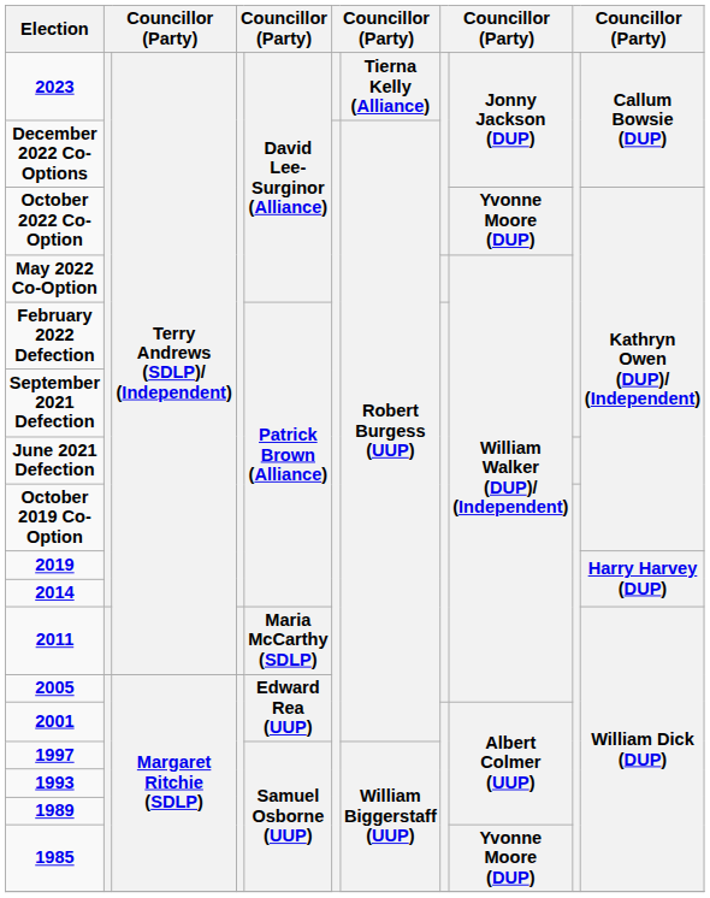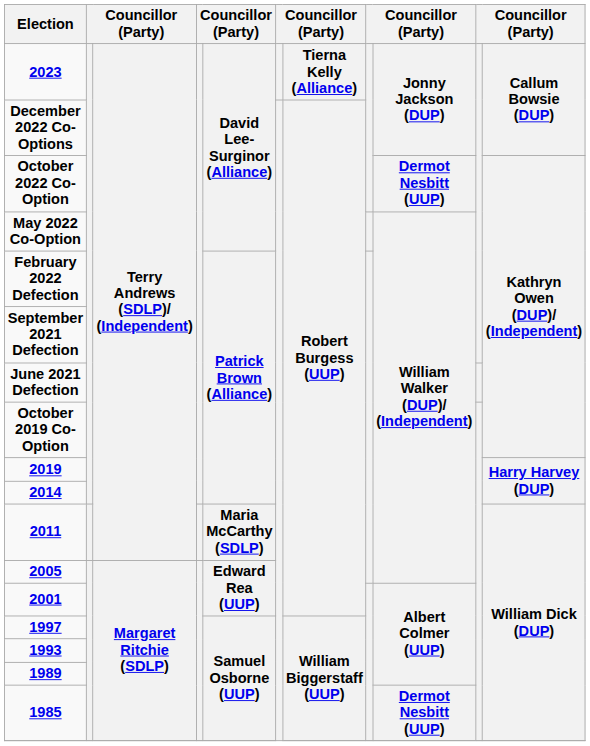 <table class="wikitable" style="text-align:center">
 <tr>
 <th scope="col" width="50">Election</th>
 <th scope="col" width="150" colspan = "2">Councillor<br> (Party)</th>
 <th scope="col" width="150" colspan = "2">Councillor<br> (Party)</th>
 <th scope="col" width="150" colspan = "2">Councillor<br> (Party)</th>
 <th scope="col" width="150" colspan = "2">Councillor<br> (Party)</th>
 <th scope="col" width="150" colspan = "2">Councillor<br> (Party)</th>
 </tr>
 <tr>
 <td><strong><a href='#'>2023</a></strong></td>
 <th rowspan="10" width="1" style="background-color: "></th>
 <th rowspan = "11">Terry Andrews <br> (<a href='#'>SDLP</a>)/ (<a href='#'>Independent</a>)</th>
 <th rowspan="10" width="1" style="background-color: "></th>
 <th rowspan = "4">David Lee-Surginor <br> (<a href='#'>Alliance</a>)</th>
 <th rowspan="1" width="1" style="background-color: "></th>
 <th rowspan = "1">Tierna Kelly <br> (<a href='#'>Alliance</a>)</th>
 <th rowspan="3" width="1" style="background-color: "></th>
 <th rowspan = "2">Jonny Jackson <br> (<a href='#'>DUP</a>)</th>
 <th rowspan="6" width="1" style="background-color: "></th>
 <th rowspan = "2">Callum Bowsie <br> (<a href='#'>DUP</a>)</th>
 </tr>
 <tr>
 <td><strong>December 2022 Co-Options</strong></td>
 <th rowspan="17" width="1" style="background-color: "></th>
 <th rowspan = "12">Robert Burgess <br> (<a href='#'>UUP</a>)</th>
 </tr>
 <tr>
 <td><strong>October 2022 Co-Option</strong></td>
-<th rowspan = "1">Yvonne Moore <br> (<a href='#'>DUP</a>)</th>
+<th rowspan = "1"><a href='#'>Dermot Nesbitt</a> <br> (<a href='#'>UUP</a>)</th>
 <th rowspan = "6">Kathryn Owen <br> (<a href='#'>DUP</a>)/ (<a href='#'>Independent</a>)</th>
 </tr>
 <tr>
 <td><strong>May 2022 Co-Option</strong></td>
 <th rowspan="1" width="1" style="background-color: "></th>
 <th rowspan = "9">William Walker <br> (<a href='#'>DUP</a>)/ (<a href='#'>Independent</a>)</th>
 </tr>
 <tr>
 <td><strong>February 2022 Defection</strong></td>
 <th rowspan = "6"><a href='#'>Patrick Brown</a> <br> (<a href='#'>Alliance</a>)</th>
 <th rowspan="8" width="1" style="background-color: "></th>
 </tr>
 <tr>
 <td><strong>September 2021 Defection</strong></td>
 </tr>
 <tr>
 <td><strong>June 2021 Defection</strong></td>
 <th rowspan="1" width="1" style="background-color: "></th>
 </tr>
 <tr>
 <td><strong>October 2019 Co-Option</strong></td>
 <th rowspan="10" width="1" style="background-color: "></th>
 </tr>
 <tr>
 <td><strong><a href='#'>2019</a></strong></td>
 <th rowspan = "2"><a href='#'>Harry Harvey</a> <br> (<a href='#'>DUP</a>)</th>
 </tr>
 <tr>
 <td><strong><a href='#'>2014</a></strong></td>
 </tr>
 <tr>
 <td><strong><a href='#'>2011</a></strong></td>
 <th rowspan="1" width="1" style="background-color: "></th>
 <th rowspan="1" width="1" style="background-color: "></th>
 <th rowspan = "1">Maria McCarthy <br> (<a href='#'>SDLP</a>)</th>
 <th rowspan = "7">William Dick <br> (<a href='#'>DUP</a>)</th>
 </tr>
 <tr>
 <td><strong><a href='#'>2005</a></strong></td>
 <th rowspan="6" width="1" style="background-color: "></th>
 <th rowspan = "6"><a href='#'>Margaret Ritchie</a> <br> (<a href='#'>SDLP</a>)</th>
 <th rowspan="6" width="1" style="background-color: "></th>
 <th rowspan = "2">Edward Rea <br> (<a href='#'>UUP</a>)</th>
 </tr>
 <tr>
 <td><strong><a href='#'>2001</a></strong></td>
 <th rowspan="5" width="1" style="background-color: "></th>
 <th rowspan = "4">Albert Colmer <br> (<a href='#'>UUP</a>)</th>
 </tr>
 <tr>
 <td><strong><a href='#'>1997</a></strong></td>
 <th rowspan = "4">Samuel Osborne <br> (<a href='#'>UUP</a>)</th>
 <th rowspan = "4">William Biggerstaff <br> (<a href='#'>UUP</a>)</th>
 </tr>
 <tr>
 <td><strong><a href='#'>1993</a></strong></td>
 </tr>
 <tr>
 <td><strong><a href='#'>1989</a></strong></td>
 </tr>
 <tr>
 <td><strong><a href='#'>1985</a></strong></td>
-<th rowspan = "1">Yvonne Moore <br> (<a href='#'>DUP</a>)</th>
+<th rowspan = "1"><a href='#'>Dermot Nesbitt</a> <br> (<a href='#'>UUP</a>)</th>
 </tr>
 <tr>
 </tr>
 </table>
